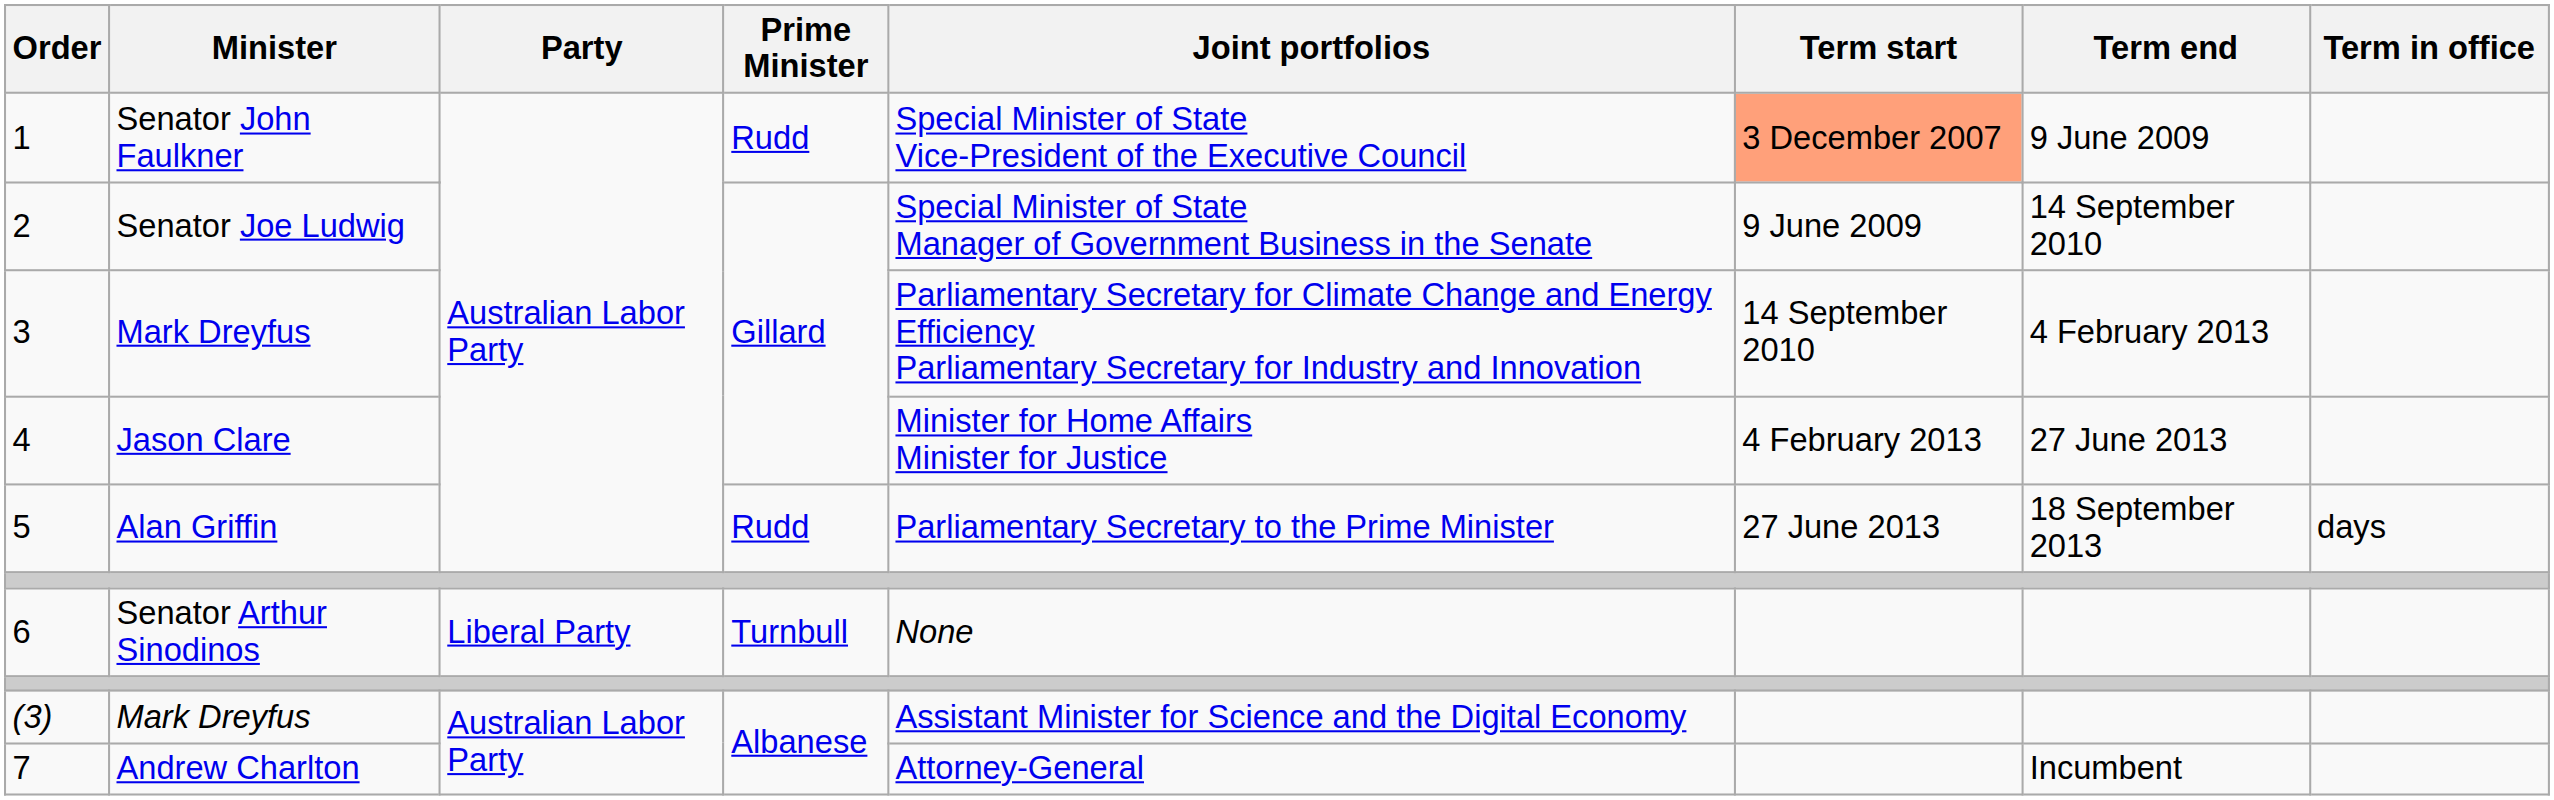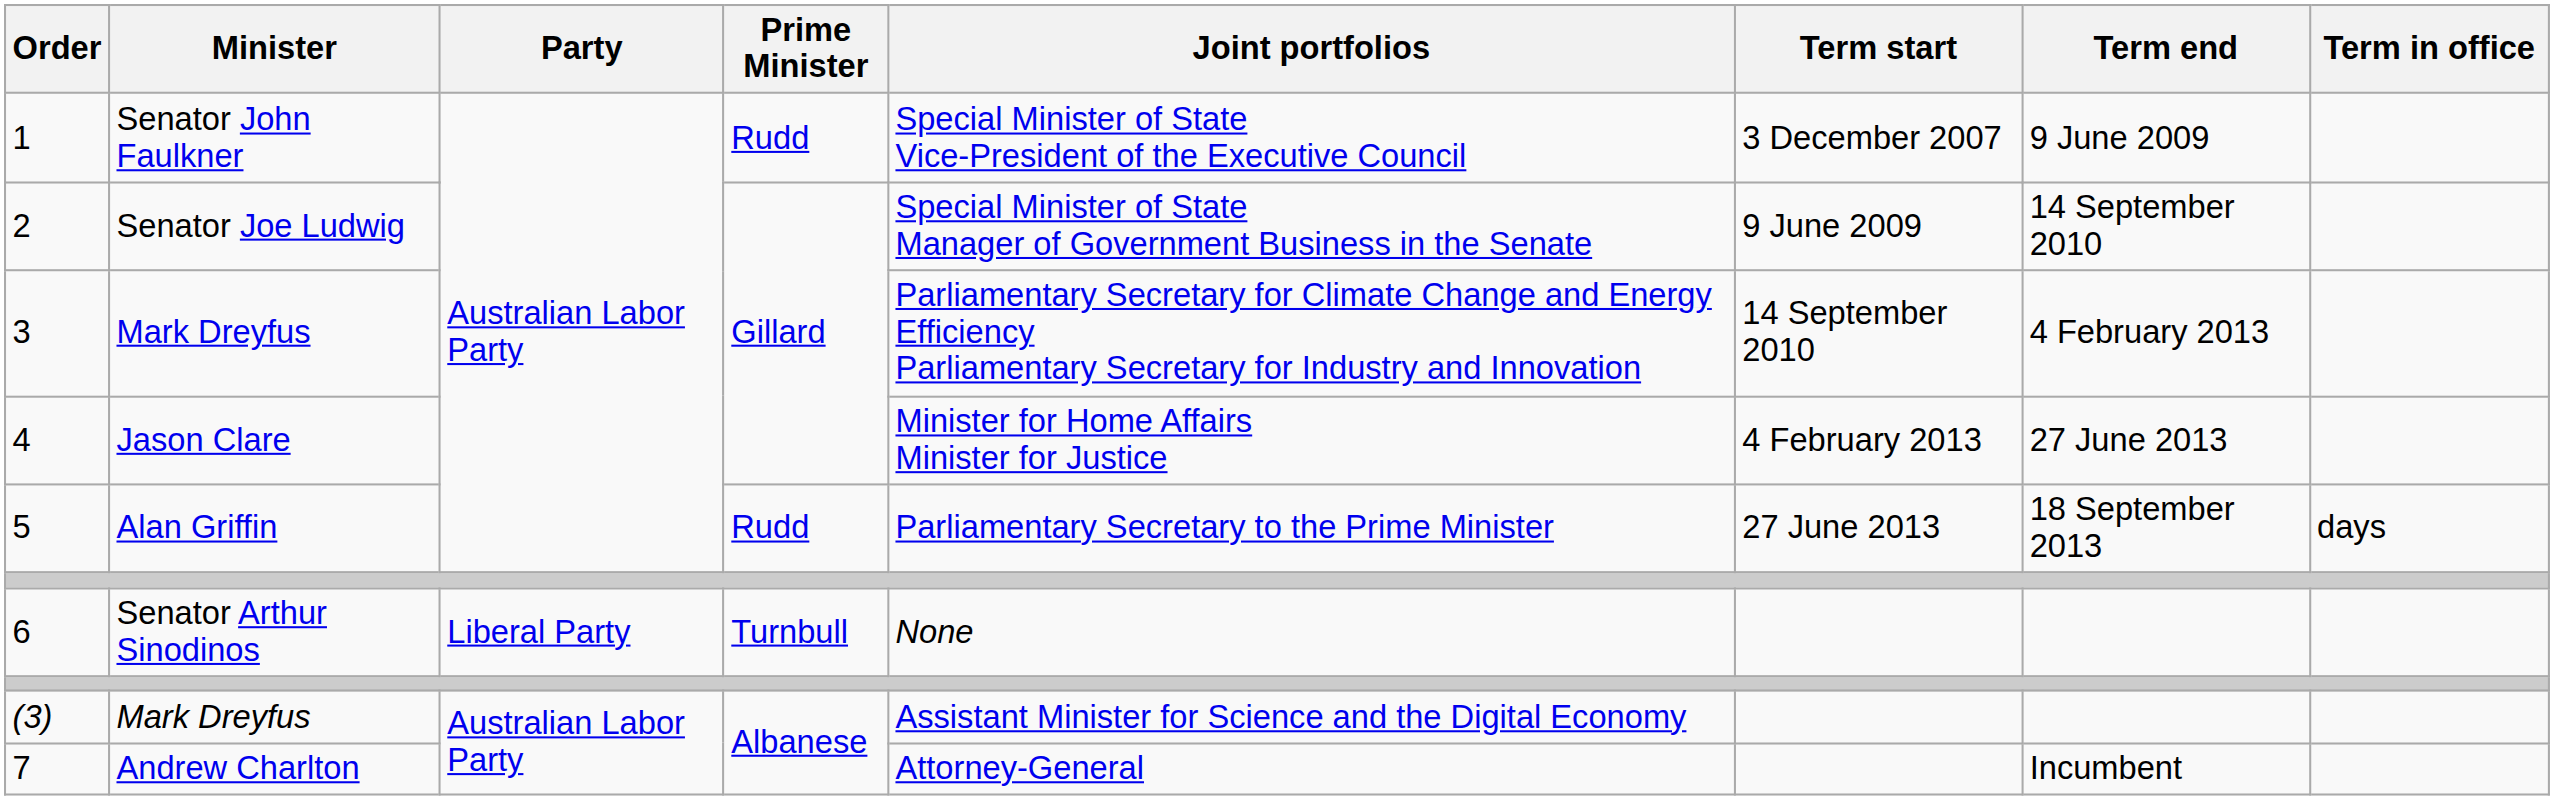 <table class="wikitable">
 <tr>
 <th width=5>Order</th>
 <th width=180>Minister</th>
 <th width=150>Party</th>
 <th width=75>Prime Minister</th>
 <th width=500>Joint portfolios</th>
 <th width=150>Term start</th>
 <th width=150>Term end</th>
 <th width=130>Term in office</th>
 </tr>
 <tr>
 <td>1</td>
 <td>Senator <a href='#'>John Faulkner</a></td>
 <td rowspan=6><a href='#'>Australian Labor Party</a></td>
 <td rowspan=2><a href='#'>Rudd</a></td>
 <td><a href='#'>Special Minister of State</a><br><a href='#'>Vice-President of the Executive Council</a></td>
-<td style="background: lightsalmon;">3 December 2007</td>
+<td>3 December 2007</td>
 <td>9 June 2009</td>
 <td></td>
 </tr>
 <tr>
 <td rowspan=2>2</td>
 <td rowspan=2>Senator <a href='#'>Joe Ludwig</a></td>
 <td rowspan=2><a href='#'>Special Minister of State</a><br><a href='#'>Manager of Government Business in the Senate</a></td>
 <td rowspan=2>9 June 2009</td>
 <td rowspan=2>14 September 2010</td>
 <td rowspan=2></td>
 </tr>
 <tr>
 <td rowspan=3><a href='#'>Gillard</a></td>
 </tr>
 <tr>
 <td>3</td>
 <td><a href='#'>Mark Dreyfus</a> </td>
 <td><a href='#'>Parliamentary Secretary for Climate Change and Energy Efficiency</a><br><a href='#'>Parliamentary Secretary for Industry and Innovation</a></td>
 <td>14 September 2010</td>
 <td>4 February 2013</td>
 <td></td>
 </tr>
 <tr>
 <td>4</td>
 <td><a href='#'>Jason Clare</a> </td>
 <td><a href='#'>Minister for Home Affairs</a><br><a href='#'>Minister for Justice</a></td>
 <td>4 February 2013</td>
 <td>27 June 2013</td>
 <td></td>
 </tr>
 <tr>
 <td>5</td>
 <td><a href='#'>Alan Griffin</a> </td>
 <td><a href='#'>Rudd</a></td>
 <td><a href='#'>Parliamentary Secretary to the Prime Minister</a></td>
 <td>27 June 2013</td>
 <td>18 September 2013</td>
 <td> days</td>
 </tr>
 <tr>
 <th colspan=8 style="background: #cccccc;"></th>
 </tr>
 <tr>
 <td>6</td>
 <td>Senator <a href='#'>Arthur Sinodinos</a> </td>
 <td><a href='#'>Liberal Party</a></td>
 <td><a href='#'>Turnbull</a></td>
 <td><em>None</em></td>
 <td></td>
 <td></td>
 <td></td>
 </tr>
 <tr>
 <th colspan=8 style="background: #cccccc;"></th>
 </tr>
 <tr>
 <td><em>(3)</em></td>
 <td><em>Mark Dreyfus </em></td>
 <td rowspan="2"><a href='#'>Australian Labor Party</a></td>
 <td rowspan="2"><a href='#'>Albanese</a></td>
 <td><a href='#'>Assistant Minister for Science and the Digital Economy</a></td>
 <td></td>
 <td></td>
 <td></td>
 </tr>
 <tr>
 <td>7</td>
 <td><a href='#'>Andrew Charlton</a> </td>
 <td><a href='#'>Attorney-General</a></td>
 <td></td>
 <td>Incumbent</td>
 <td></td>
 </tr>
 </table>
